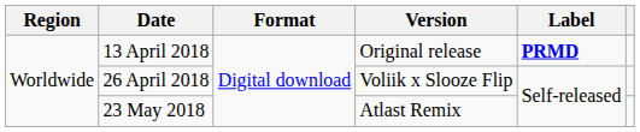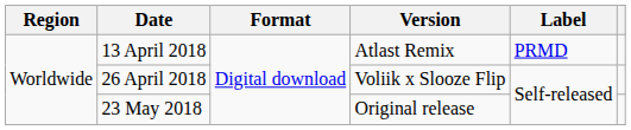 <table class="wikitable plainrowheaders">
 <tr>
 <th>Region</th>
 <th>Date</th>
 <th>Format</th>
 <th>Version</th>
 <th>Label</th>
 <th></th>
 </tr>
 <tr>
 <td rowspan="3" scope="row">Worldwide</td>
 <td>13 April 2018</td>
 <td rowspan="3"><a href='#'>Digital download</a></td>
-<td>Original release</td>
-<td><strong><a href='#'>PRMD</a></strong></td>
+<td>Atlast Remix</td>
+<td><a href='#'>PRMD</a></td>
 <td></td>
 </tr>
 <tr>
 <td>26 April 2018</td>
 <td>Voliik x Slooze Flip</td>
 <td rowspan="2">Self-released</td>
 <td></td>
 </tr>
 <tr>
 <td>23 May 2018</td>
-<td>Atlast Remix</td>
+<td>Original release</td>
 <td></td>
 </tr>
 </table>
